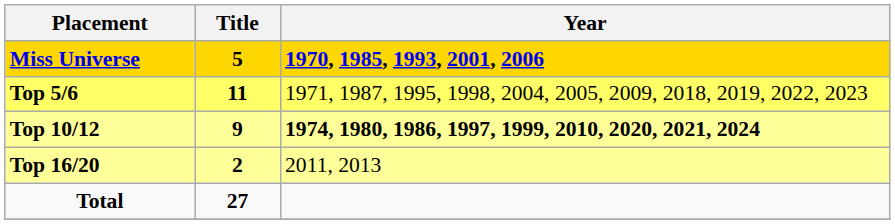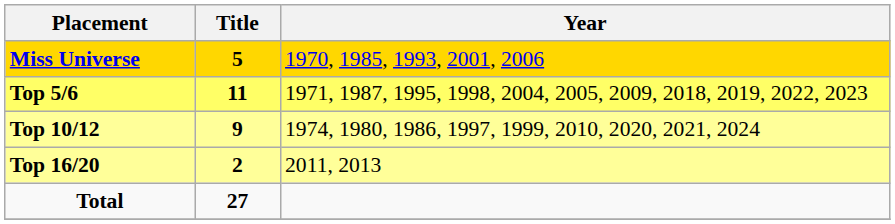 <table class="wikitable sortable" style="font-size: 90%">
 <tr>
 <th width="120">Placement</th>
 <th width="50">Title</th>
 <th width="400">Year</th>
 </tr>
 <tr style="background-color:gold;">
 <td><strong><a href='#'>Miss Universe</a></strong></td>
 <td rowspan="1" style="text-align:center;"><strong>5</strong></td>
-<td><strong><a href='#'>1970</a>, <a href='#'>1985</a>, <a href='#'>1993</a>, <a href='#'>2001</a>, <a href='#'>2006</a></strong></td>
+<td><a href='#'>1970</a>, <a href='#'>1985</a>, <a href='#'>1993</a>, <a href='#'>2001</a>, <a href='#'>2006</a></td>
 </tr>
 <tr style="background-color:#FFFF66">
 <td><strong>Top 5/6</strong></td>
 <td rowspan="1" style="text-align:center;"><strong>11</strong></td>
 <td>1971, 1987, 1995, 1998, 2004, 2005, 2009, 2018, 2019, 2022, 2023</td>
 </tr>
 <tr style="background-color:#FFFF99">
 <td><strong>Top 10/12</strong></td>
 <td rowspan="1" style="text-align:center;"><strong>9</strong></td>
-<td><strong>1974, 1980, 1986, 1997, 1999, 2010, 2020, 2021, 2024</strong></td>
+<td>1974, 1980, 1986, 1997, 1999, 2010, 2020, 2021, 2024</td>
 </tr>
 <tr style="background-color:#FFFF99">
 <td><strong>Top 16/20</strong></td>
 <td rowspan="1" style="text-align:center;"><strong>2</strong></td>
 <td>2011, 2013</td>
 </tr>
 <tr>
 <td rowspan="1" style="text-align:center;"><strong>Total</strong></td>
 <td rowspan="1" style="text-align:center;"><strong>27</strong></td>
 <td></td>
 </tr>
 <tr>
 </tr>
 </table>
